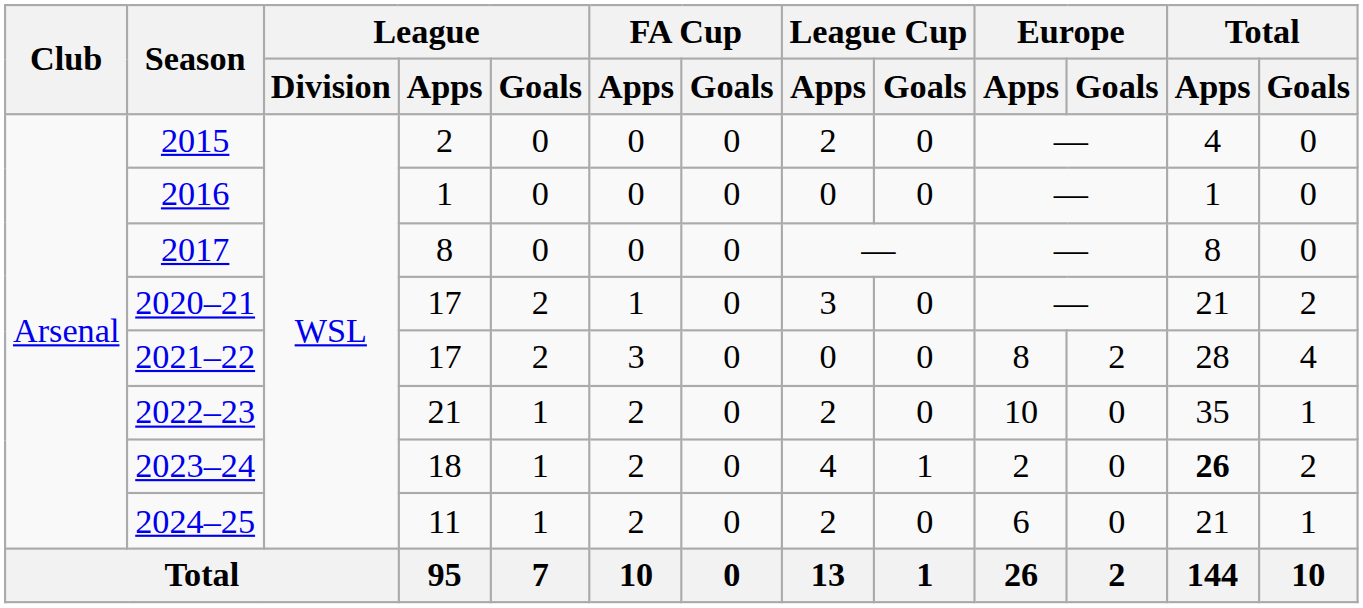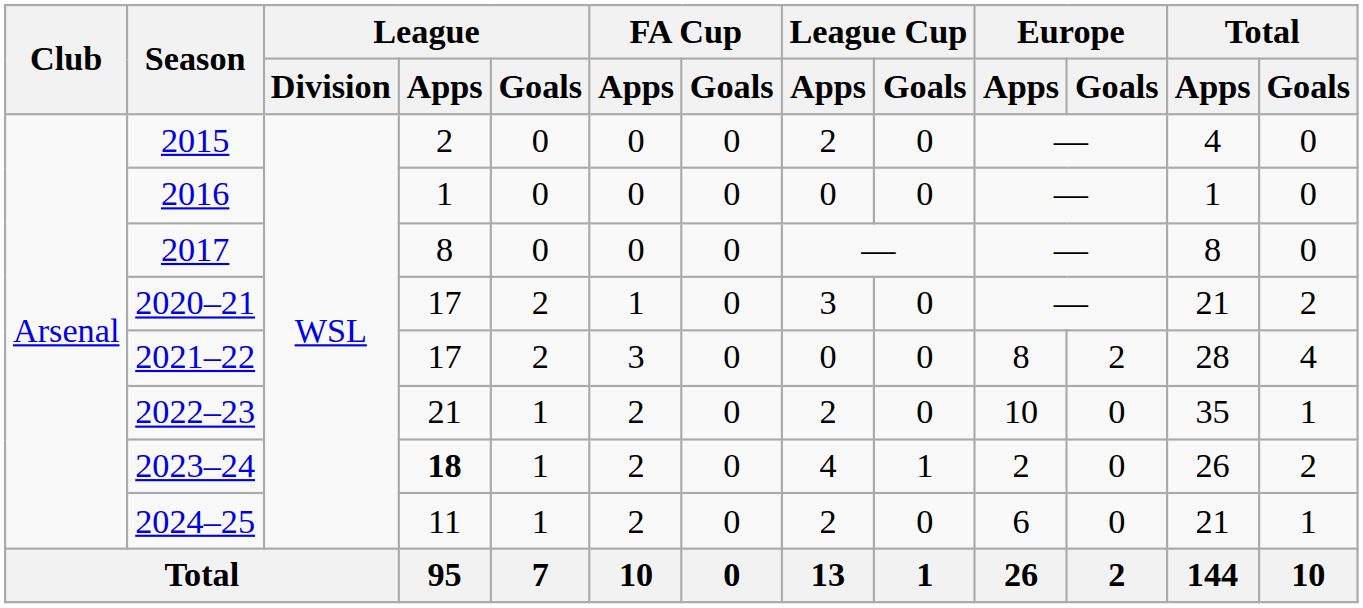 <table class="wikitable" style="text-align:center">
 <tr>
 <th rowspan="2">Club</th>
 <th rowspan="2">Season</th>
 <th colspan="3">League</th>
 <th colspan="2">FA Cup</th>
 <th colspan="2">League Cup</th>
 <th colspan="2">Europe</th>
 <th colspan="2">Total</th>
 </tr>
 <tr>
 <th>Division</th>
 <th>Apps</th>
 <th>Goals</th>
 <th>Apps</th>
 <th>Goals</th>
 <th>Apps</th>
 <th>Goals</th>
 <th>Apps</th>
 <th>Goals</th>
 <th>Apps</th>
 <th>Goals</th>
 </tr>
 <tr>
 <td rowspan=8><a href='#'>Arsenal</a></td>
 <td><a href='#'>2015</a></td>
 <td rowspan=8><a href='#'>WSL</a></td>
 <td>2</td>
 <td>0</td>
 <td>0</td>
 <td>0</td>
 <td>2</td>
 <td>0</td>
 <td colspan="2">—</td>
 <td>4</td>
 <td>0</td>
 </tr>
 <tr>
 <td><a href='#'>2016</a></td>
 <td>1</td>
 <td>0</td>
 <td>0</td>
 <td>0</td>
 <td>0</td>
 <td>0</td>
 <td colspan="2">—</td>
 <td>1</td>
 <td>0</td>
 </tr>
 <tr>
 <td><a href='#'>2017</a></td>
 <td>8</td>
 <td>0</td>
 <td>0</td>
 <td>0</td>
 <td colspan="2">—</td>
 <td colspan="2">—</td>
 <td>8</td>
 <td>0</td>
 </tr>
 <tr>
 <td><a href='#'>2020–21</a></td>
 <td>17</td>
 <td>2</td>
 <td>1</td>
 <td>0</td>
 <td>3</td>
 <td>0</td>
 <td colspan="2">—</td>
 <td>21</td>
 <td>2</td>
 </tr>
 <tr>
 <td><a href='#'>2021–22</a></td>
 <td>17</td>
 <td>2</td>
 <td>3</td>
 <td>0</td>
 <td>0</td>
 <td>0</td>
 <td>8</td>
 <td>2</td>
 <td>28</td>
 <td>4</td>
 </tr>
 <tr>
 <td><a href='#'>2022–23</a></td>
 <td>21</td>
 <td>1</td>
 <td>2</td>
 <td>0</td>
 <td>2</td>
 <td>0</td>
 <td>10</td>
 <td>0</td>
 <td>35</td>
 <td>1</td>
 </tr>
 <tr>
 <td><a href='#'>2023–24</a></td>
-<td>18</td>
+<td><strong>18</strong></td>
 <td>1</td>
 <td>2</td>
 <td>0</td>
 <td>4</td>
 <td>1</td>
 <td>2</td>
 <td>0</td>
-<td><strong>26</strong></td>
+<td>26</td>
 <td>2</td>
 </tr>
 <tr>
 <td><a href='#'>2024–25</a></td>
 <td>11</td>
 <td>1</td>
 <td>2</td>
 <td>0</td>
 <td>2</td>
 <td>0</td>
 <td>6</td>
 <td>0</td>
 <td>21</td>
 <td>1</td>
 </tr>
 <tr>
 <th colspan="3">Total</th>
 <th>95</th>
 <th>7</th>
 <th>10</th>
 <th>0</th>
 <th>13</th>
 <th>1</th>
 <th>26</th>
 <th>2</th>
 <th>144</th>
 <th>10</th>
 </tr>
 </table>
